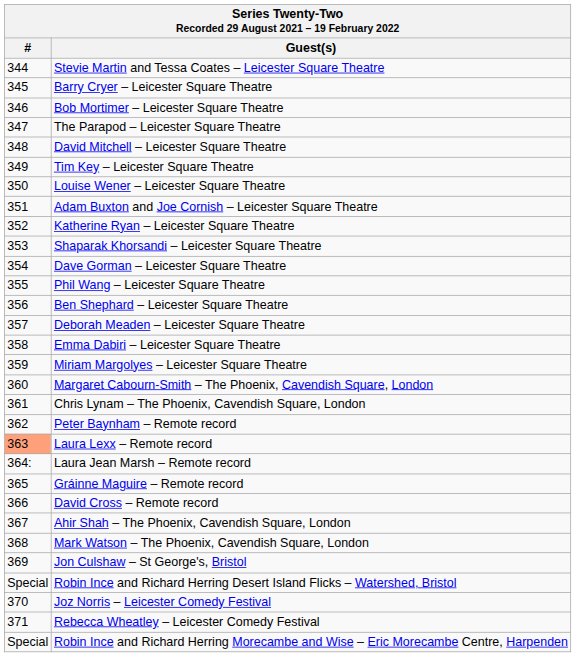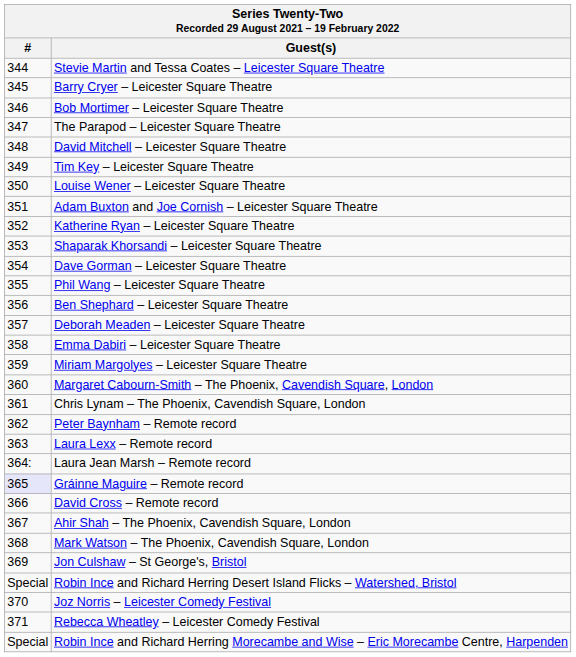 <table class="wikitable">
 <tr>
 <th colspan="3">Series Twenty-Two<br><small>Recorded 29 August 2021 – 19 February 2022 </small></th>
 </tr>
 <tr>
 <th>#</th>
 <th>Guest(s)</th>
 </tr>
 <tr>
 <td>344</td>
 <td><a href='#'>Stevie Martin</a> and Tessa Coates – <a href='#'>Leicester Square Theatre</a></td>
 </tr>
 <tr>
 <td>345</td>
 <td><a href='#'>Barry Cryer</a> – Leicester Square Theatre</td>
 </tr>
 <tr>
 <td>346</td>
 <td><a href='#'>Bob Mortimer</a> – Leicester Square Theatre</td>
 </tr>
 <tr>
 <td>347</td>
 <td>The Parapod – Leicester Square Theatre</td>
 </tr>
 <tr>
 <td>348</td>
 <td><a href='#'>David Mitchell</a> – Leicester Square Theatre</td>
 </tr>
 <tr>
 <td>349</td>
 <td><a href='#'>Tim Key</a> – Leicester Square Theatre</td>
 </tr>
 <tr>
 <td>350</td>
 <td><a href='#'>Louise Wener</a> – Leicester Square Theatre</td>
 </tr>
 <tr>
 <td>351</td>
 <td><a href='#'>Adam Buxton</a> and <a href='#'>Joe Cornish</a> – Leicester Square Theatre</td>
 </tr>
 <tr>
 <td>352</td>
 <td><a href='#'>Katherine Ryan</a> – Leicester Square Theatre</td>
 </tr>
 <tr>
 <td>353</td>
 <td><a href='#'>Shaparak Khorsandi</a> – Leicester Square Theatre</td>
 </tr>
 <tr>
 <td>354</td>
 <td><a href='#'>Dave Gorman</a> – Leicester Square Theatre</td>
 </tr>
 <tr>
 <td>355</td>
 <td><a href='#'>Phil Wang</a> – Leicester Square Theatre</td>
 </tr>
 <tr>
 <td>356</td>
 <td><a href='#'>Ben Shephard</a> – Leicester Square Theatre</td>
 </tr>
 <tr>
 <td>357</td>
 <td><a href='#'>Deborah Meaden</a> – Leicester Square Theatre</td>
 </tr>
 <tr>
 <td>358</td>
 <td><a href='#'>Emma Dabiri</a> – Leicester Square Theatre</td>
 </tr>
 <tr>
 <td>359</td>
 <td><a href='#'>Miriam Margolyes</a> – Leicester Square Theatre</td>
 </tr>
 <tr>
 <td>360</td>
 <td><a href='#'>Margaret Cabourn-Smith</a> – The Phoenix, <a href='#'>Cavendish Square</a>, <a href='#'>London</a></td>
 </tr>
 <tr>
 <td>361</td>
 <td>Chris Lynam – The Phoenix, Cavendish Square, London</td>
 </tr>
 <tr>
 <td>362</td>
 <td><a href='#'>Peter Baynham</a> – Remote record</td>
 </tr>
 <tr>
-<td style="background: lightsalmon;">363</td>
+<td>363</td>
 <td><a href='#'>Laura Lexx</a> – Remote record</td>
 </tr>
 <tr>
 <td>364:</td>
 <td>Laura Jean Marsh – Remote record</td>
 </tr>
 <tr>
-<td>365</td>
+<td style="background: lavender;">365</td>
 <td><a href='#'>Gráinne Maguire</a> – Remote record</td>
 </tr>
 <tr>
 <td>366</td>
 <td><a href='#'>David Cross</a> – Remote record</td>
 </tr>
 <tr>
 <td>367</td>
 <td><a href='#'>Ahir Shah</a> – The Phoenix, Cavendish Square, London</td>
 </tr>
 <tr>
 <td>368</td>
 <td><a href='#'>Mark Watson</a> – The Phoenix, Cavendish Square, London</td>
 </tr>
 <tr>
 <td>369</td>
 <td><a href='#'>Jon Culshaw</a> – St George's, <a href='#'>Bristol</a></td>
 </tr>
 <tr>
 <td>Special</td>
 <td><a href='#'>Robin Ince</a> and Richard Herring Desert Island Flicks – <a href='#'>Watershed, Bristol</a></td>
 </tr>
 <tr>
 <td>370</td>
 <td><a href='#'>Joz Norris</a> – <a href='#'>Leicester Comedy Festival</a></td>
 </tr>
 <tr>
 <td>371</td>
 <td><a href='#'>Rebecca Wheatley</a> – Leicester Comedy Festival</td>
 </tr>
 <tr>
 <td>Special</td>
 <td><a href='#'>Robin Ince</a> and Richard Herring <a href='#'>Morecambe and Wise</a> – <a href='#'>Eric Morecambe</a> Centre, <a href='#'>Harpenden</a></td>
 </tr>
 </table>
